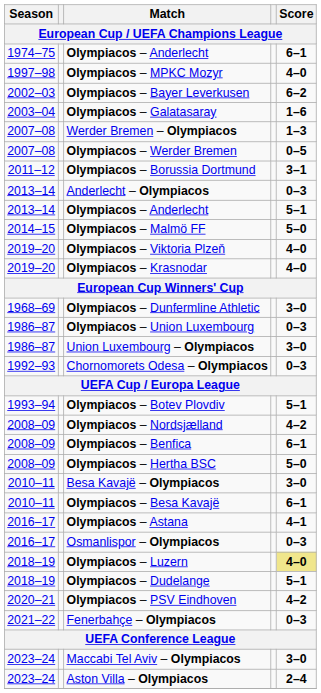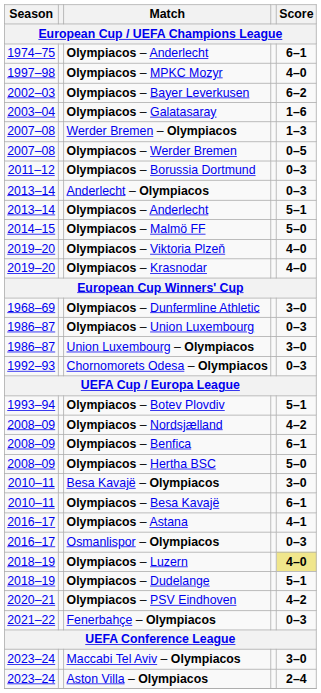 <table class="wikitable" style="display:inline-table;">
 <tr>
 <th>Season</th>
 <th></th>
 <th>Match</th>
 <th></th>
 <th>Score</th>
 </tr>
 <tr>
 <th colspan="5"><a href='#'>European Cup / UEFA Champions League</a></th>
 </tr>
 <tr>
 <td align="center"><a href='#'>1974–75</a></td>
 <td></td>
 <td align="left"><strong>Olympiacos</strong> – <a href='#'>Anderlecht</a></td>
 <td></td>
 <td align="center"><strong>6–1</strong></td>
 </tr>
 <tr>
 <td align="center"><a href='#'>1997–98</a></td>
 <td></td>
 <td align="left"><strong>Olympiacos</strong> – <a href='#'>MPKC Mozyr</a></td>
 <td></td>
 <td align="center"><strong>4–0</strong></td>
 </tr>
 <tr>
 <td align="center"><a href='#'>2002–03</a></td>
 <td></td>
 <td align="left"><strong>Olympiacos</strong> – <a href='#'>Bayer Leverkusen</a></td>
 <td></td>
 <td align="center"><strong>6–2</strong></td>
 </tr>
 <tr>
 <td align="center"><a href='#'>2003–04</a></td>
 <td></td>
 <td align="left"><strong>Olympiacos</strong> – <a href='#'>Galatasaray</a></td>
 <td></td>
 <td align="center"><strong>1–6</strong></td>
 </tr>
 <tr>
 <td align="center"><a href='#'>2007–08</a></td>
 <td></td>
 <td align="left"><a href='#'>Werder Bremen</a> – <strong>Olympiacos</strong></td>
 <td></td>
 <td align="center"><strong>1–3</strong></td>
 </tr>
 <tr>
 <td align="center"><a href='#'>2007–08</a></td>
 <td></td>
 <td align="left"><strong>Olympiacos</strong> – <a href='#'>Werder Bremen</a></td>
 <td></td>
 <td align="center"><strong>0–5</strong></td>
 </tr>
 <tr>
 <td align="center"><a href='#'>2011–12</a></td>
 <td></td>
 <td align="left"><strong>Olympiacos</strong> – <a href='#'>Borussia Dortmund</a></td>
 <td></td>
-<td align="center"><strong>3–1</strong></td>
+<td align="center"><strong>0–3</strong></td>
 </tr>
 <tr>
 <td align="center"><a href='#'>2013–14</a></td>
 <td></td>
 <td align="left"><a href='#'>Anderlecht</a> – <strong>Olympiacos</strong></td>
 <td></td>
 <td align="center"><strong>0–3</strong></td>
 </tr>
 <tr>
 <td align="center"><a href='#'>2013–14</a></td>
 <td></td>
 <td align="left"><strong>Olympiacos</strong> – <a href='#'>Anderlecht</a></td>
 <td></td>
 <td align="center"><strong>5–1</strong></td>
 </tr>
 <tr>
 <td align="center"><a href='#'>2014–15</a></td>
 <td></td>
 <td align="left"><strong>Olympiacos</strong> – <a href='#'>Malmö FF</a></td>
 <td></td>
 <td align="center"><strong>5–0</strong></td>
 </tr>
 <tr>
 <td align="center"><a href='#'>2019–20</a></td>
 <td></td>
 <td align="left"><strong>Olympiacos</strong> – <a href='#'>Viktoria Plzeň</a></td>
 <td></td>
 <td align="center"><strong>4–0</strong></td>
 </tr>
 <tr>
 <td align="center"><a href='#'>2019–20</a></td>
 <td></td>
 <td align="left"><strong>Olympiacos</strong> – <a href='#'>Krasnodar</a></td>
 <td></td>
 <td align="center"><strong>4–0</strong></td>
 </tr>
 <tr>
 <th colspan="5"><a href='#'>European Cup Winners' Cup</a></th>
 </tr>
 <tr>
 <td align="center"><a href='#'>1968–69</a></td>
 <td></td>
 <td align="left"><strong>Olympiacos</strong> – <a href='#'>Dunfermline Athletic</a></td>
 <td></td>
 <td align="center"><strong>3–0</strong></td>
 </tr>
 <tr>
 <td align="center"><a href='#'>1986–87</a></td>
 <td></td>
 <td align="left"><strong>Olympiacos</strong> – <a href='#'>Union Luxembourg</a></td>
 <td></td>
 <td align="center"><strong>0–3</strong></td>
 </tr>
 <tr>
 <td align="center"><a href='#'>1986–87</a></td>
 <td></td>
 <td align="left"><a href='#'>Union Luxembourg</a> – <strong>Olympiacos</strong></td>
 <td></td>
 <td align="center"><strong>3–0</strong></td>
 </tr>
 <tr>
 <td align="center"><a href='#'>1992–93</a></td>
 <td></td>
 <td align="left"><a href='#'>Chornomorets Odesa</a> – <strong>Olympiacos</strong></td>
 <td></td>
 <td align="center"><strong>0–3</strong></td>
 </tr>
 <tr>
 <th colspan="5"><a href='#'>UEFA Cup / Europa League</a></th>
 </tr>
 <tr>
 <td align="center"><a href='#'>1993–94</a></td>
 <td></td>
 <td align="left"><strong>Olympiacos</strong> – <a href='#'>Botev Plovdiv</a></td>
 <td></td>
 <td align="center"><strong>5–1</strong></td>
 </tr>
 <tr>
 <td align="center"><a href='#'>2008–09</a></td>
 <td></td>
 <td align="left"><strong>Olympiacos</strong> – <a href='#'>Nordsjælland</a></td>
 <td></td>
 <td align="center"><strong>4–2</strong></td>
 </tr>
 <tr>
 <td align="center"><a href='#'>2008–09</a></td>
 <td></td>
 <td align="left"><strong>Olympiacos</strong> – <a href='#'>Benfica</a></td>
 <td></td>
 <td align="center"><strong>6–1</strong></td>
 </tr>
 <tr>
 <td align="center"><a href='#'>2008–09</a></td>
 <td></td>
 <td align="left"><strong>Olympiacos</strong> – <a href='#'>Hertha BSC</a></td>
 <td></td>
 <td align="center"><strong>5–0</strong> </td>
 </tr>
 <tr>
 <td align="center"><a href='#'>2010–11</a></td>
 <td></td>
 <td align="left"><a href='#'>Besa Kavajë</a> – <strong>Olympiacos</strong></td>
 <td></td>
 <td align="center"><strong>3–0</strong></td>
 </tr>
 <tr>
 <td align="center"><a href='#'>2010–11</a></td>
 <td></td>
 <td align="left"><strong>Olympiacos</strong> – <a href='#'>Besa Kavajë</a></td>
 <td></td>
 <td align="center"><strong>6–1</strong></td>
 </tr>
 <tr>
 <td align="center"><a href='#'>2016–17</a></td>
 <td></td>
 <td align="left"><strong>Olympiacos</strong> – <a href='#'>Astana</a></td>
 <td></td>
 <td align="center"><strong>4–1</strong></td>
 </tr>
 <tr>
 <td align="center"><a href='#'>2016–17</a></td>
 <td></td>
 <td align="left"><a href='#'>Osmanlispor</a> – <strong>Olympiacos</strong></td>
 <td></td>
 <td align="center"><strong>0–3</strong></td>
 </tr>
 <tr>
 <td align="center"><a href='#'>2018–19</a></td>
 <td></td>
 <td align="left"><strong>Olympiacos</strong> – <a href='#'>Luzern</a></td>
 <td></td>
 <td align="center" style="background: khaki;"><strong>4–0</strong></td>
 </tr>
 <tr>
 <td align="center"><a href='#'>2018–19</a></td>
 <td></td>
 <td align="left"><strong>Olympiacos</strong> – <a href='#'>Dudelange</a></td>
 <td></td>
 <td align="center"><strong>5–1</strong></td>
 </tr>
 <tr>
 <td align="center"><a href='#'>2020–21</a></td>
 <td></td>
 <td align="left"><strong>Olympiacos</strong> – <a href='#'>PSV Eindhoven</a></td>
 <td></td>
 <td align="center"><strong>4–2</strong></td>
 </tr>
 <tr>
 <td align="center"><a href='#'>2021–22</a></td>
 <td></td>
 <td align="left"><a href='#'>Fenerbahçe</a> – <strong>Olympiacos</strong></td>
 <td></td>
 <td align="center"><strong>0–3</strong></td>
 </tr>
 <tr>
 <th colspan="6"><a href='#'>UEFA Conference League</a></th>
 </tr>
 <tr>
 <td align="center"><a href='#'>2023–24</a></td>
 <td></td>
 <td align="left"><a href='#'>Maccabi Tel Aviv</a> – <strong>Olympiacos</strong></td>
 <td></td>
 <td align="center"><strong>3–0</strong></td>
 </tr>
 <tr>
 <td align="center"><a href='#'>2023–24</a></td>
 <td></td>
 <td align="left"><a href='#'>Aston Villa</a> – <strong>Olympiacos</strong></td>
 <td></td>
 <td align="center"><strong>2–4</strong></td>
 </tr>
 <tr>
 </tr>
 </table>
